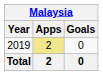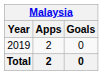 <table class="wikitable" style="text-align:center">
 <tr>
 <th colspan="3"><a href='#'>Malaysia</a></th>
 </tr>
 <tr>
 <th>Year</th>
 <th>Apps</th>
 <th>Goals</th>
 </tr>
 <tr>
 <td>2019</td>
-<td style="background: khaki;">2</td>
+<td>2</td>
 <td>0</td>
 </tr>
 <tr>
 <th>Total</th>
 <th>2</th>
 <th>0</th>
 </tr>
 </table>
